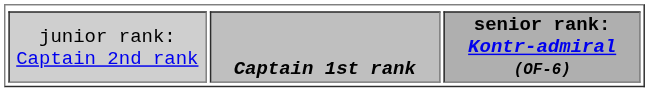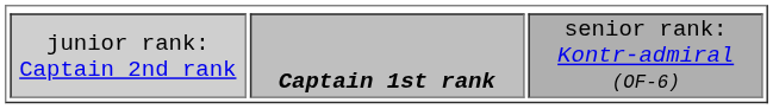 <table class="wikipedia sortable" border="1">
 <tr>
 </tr>
 <tr>
 <td width="30%" align="center" style="background:#cfcfcf;">junior rank:<br><a href='#'>Captain 2nd rank</a><br></td>
 <td width="35%" align="center" style="background:#bfbfbf;"><br> <br><strong><em>Captain 1st rank</em></strong></td>
-<td width="30%" align="center" style="background:#afafaf;"><strong>senior rank:<br><em><a href='#'>Kontr-admiral</a><br><small>(OF-6)</small></strong></td>
+<td width="30%" align="center" style="background:#afafaf;">senior rank:<br><em><a href='#'>Kontr-admiral</a><br><small>(OF-6)</small></td>
 </tr>
 </table>
